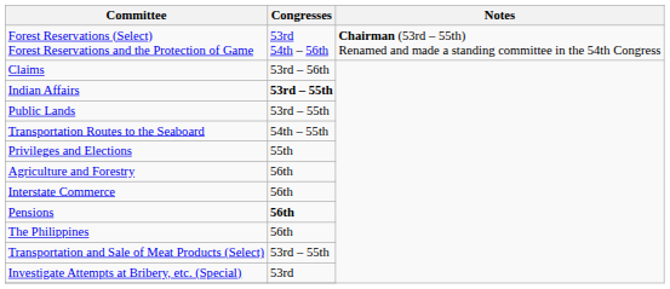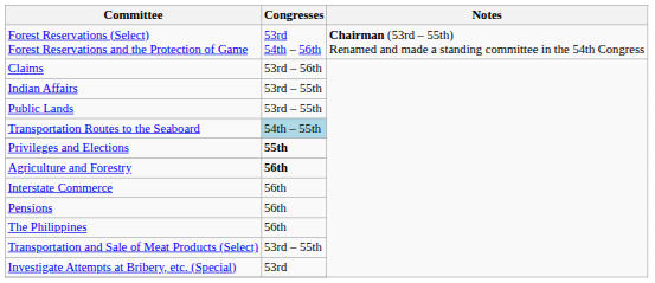 <table class="wikitable" border="1">
 <tr>
 <th>Committee</th>
 <th>Congresses</th>
 <th>Notes</th>
 </tr>
 <tr>
 <td><a href='#'>Forest Reservations (Select)</a><br><a href='#'>Forest Reservations and the Protection of Game</a></td>
 <td><a href='#'>53rd</a><br><a href='#'>54th</a> – <a href='#'>56th</a></td>
 <td><strong>Chairman</strong> (53rd – 55th)<br>Renamed and made a standing committee in the 54th Congress</td>
 </tr>
 <tr>
 <td><a href='#'>Claims</a></td>
 <td>53rd – 56th</td>
 </tr>
 <tr>
 <td><a href='#'>Indian Affairs</a></td>
-<td><strong>53rd – 55th</strong></td>
+<td>53rd – 55th</td>
 </tr>
 <tr>
 <td><a href='#'>Public Lands</a></td>
 <td>53rd – 55th</td>
 </tr>
 <tr>
 <td><a href='#'>Transportation Routes to the Seaboard</a></td>
-<td>54th – 55th</td>
+<td style="background: lightblue;">54th – 55th</td>
 </tr>
 <tr>
 <td><a href='#'>Privileges and Elections</a></td>
-<td>55th</td>
+<td><strong>55th</strong></td>
 </tr>
 <tr>
 <td><a href='#'>Agriculture and Forestry</a></td>
-<td>56th</td>
+<td><strong>56th</strong></td>
 </tr>
 <tr>
 <td><a href='#'>Interstate Commerce</a></td>
 <td>56th</td>
 </tr>
 <tr>
 <td><a href='#'>Pensions</a></td>
-<td><strong>56th</strong></td>
+<td>56th</td>
 </tr>
 <tr>
 <td><a href='#'>The Philippines</a></td>
 <td>56th</td>
 </tr>
 <tr>
 <td><a href='#'>Transportation and Sale of Meat Products (Select)</a></td>
 <td>53rd – 55th</td>
 </tr>
 <tr>
 <td><a href='#'>Investigate Attempts at Bribery, etc. (Special)</a></td>
 <td>53rd</td>
 </tr>
 <tr>
 </tr>
 </table>
